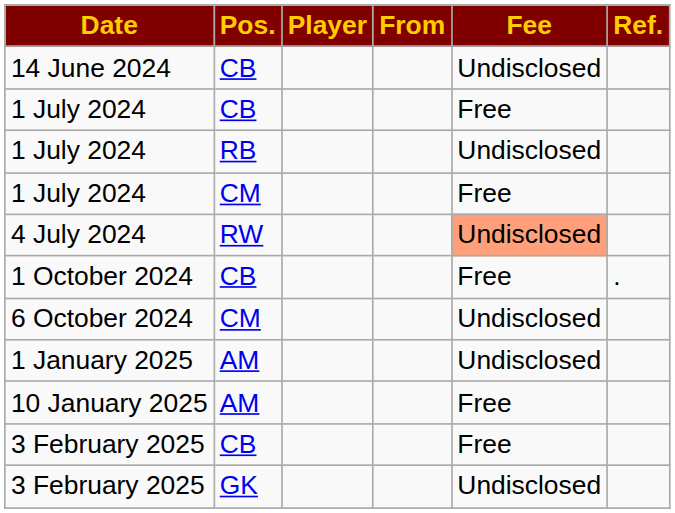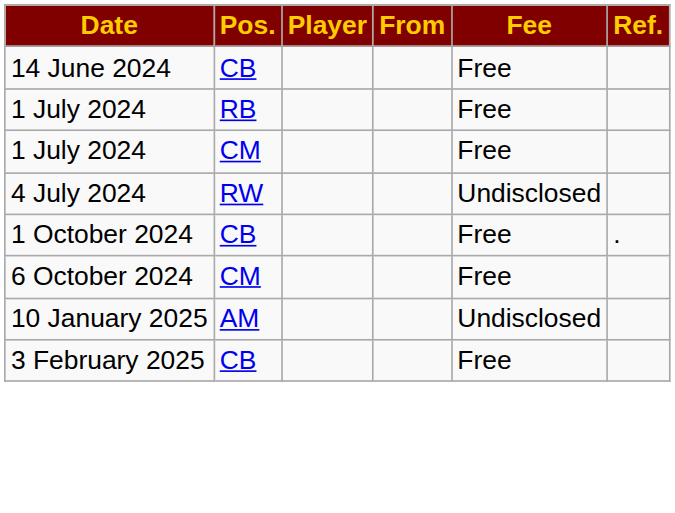 <table class="wikitable plainrowheaders sortable">
 <tr>
 <th style="color:#FFCC00; background:#800000; ">Date</th>
 <th style="color:#FFCC00; background:#800000; ">Pos.</th>
 <th style="color:#FFCC00; background:#800000; ">Player</th>
 <th style="color:#FFCC00; background:#800000; ">From</th>
 <th style="color:#FFCC00; background:#800000; ">Fee</th>
 <th style="color:#FFCC00; background:#800000; ">Ref.</th>
 </tr>
 <tr>
 <td>14 June 2024</td>
 <td><a href='#'>CB</a></td>
 <td></td>
 <td></td>
-<td>Undisclosed</td>
-<td></td>
-</tr>
-<tr>
-<td>1 July 2024</td>
-<td><a href='#'>CB</a></td>
-<td></td>
-<td></td>
 <td>Free</td>
 <td></td>
 </tr>
 <tr>
 <td>1 July 2024</td>
 <td><a href='#'>RB</a></td>
 <td></td>
 <td></td>
-<td>Undisclosed</td>
+<td>Free</td>
 <td></td>
 </tr>
 <tr>
 <td>1 July 2024</td>
 <td><a href='#'>CM</a></td>
 <td></td>
 <td></td>
 <td>Free</td>
 <td></td>
 </tr>
 <tr>
 <td>4 July 2024</td>
 <td><a href='#'>RW</a></td>
 <td></td>
 <td></td>
-<td style="background: lightsalmon;">Undisclosed</td>
+<td>Undisclosed</td>
 <td></td>
 </tr>
 <tr>
 <td>1 October 2024</td>
 <td><a href='#'>CB</a></td>
 <td></td>
 <td></td>
 <td>Free</td>
 <td>.</td>
 </tr>
 <tr>
 <td>6 October 2024</td>
 <td><a href='#'>CM</a></td>
 <td></td>
 <td></td>
-<td>Undisclosed</td>
-<td></td>
-</tr>
-<tr>
-<td>1 January 2025</td>
-<td><a href='#'>AM</a></td>
-<td></td>
-<td></td>
-<td>Undisclosed</td>
+<td>Free</td>
 <td></td>
 </tr>
 <tr>
 <td>10 January 2025</td>
 <td><a href='#'>AM</a></td>
 <td></td>
 <td></td>
-<td>Free</td>
+<td>Undisclosed</td>
 <td></td>
 </tr>
 <tr>
 <td>3 February 2025</td>
 <td><a href='#'>CB</a></td>
 <td></td>
 <td></td>
 <td>Free</td>
 <td></td>
 </tr>
-<tr>
-<td>3 February 2025</td>
-<td><a href='#'>GK</a></td>
-<td></td>
-<td></td>
-<td>Undisclosed</td>
-<td></td>
-</tr>
 </table>
